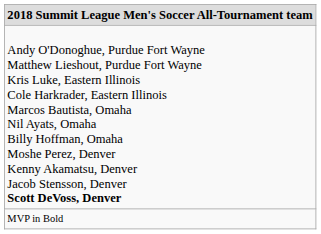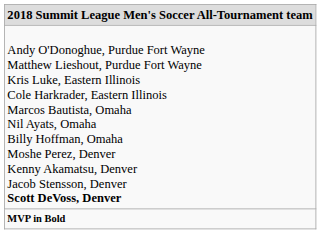 <table class="wikitable" style="white-space:nowrap; font-size:90%;">
 <tr>
 <td colspan="7" style="text-align:center; background:#ddd;"><strong>2018 Summit League Men's Soccer All-Tournament team</strong></td>
 </tr>
 <tr>
 <td><br>Andy O'Donoghue, Purdue Fort Wayne<br> Matthew Lieshout, Purdue Fort Wayne<br> Kris Luke, Eastern Illinois<br> Cole Harkrader, Eastern Illinois<br> Marcos Bautista, Omaha<br> Nil Ayats, Omaha<br> Billy Hoffman, Omaha<br> Moshe Perez, Denver<br> Kenny Akamatsu, Denver<br> Jacob Stensson, Denver<br> <strong>Scott DeVoss, Denver</strong></td>
 </tr>
 <tr>
-<td><small>MVP in Bold</small></td>
+<td><strong><small>MVP in Bold</small></strong></td>
 </tr>
 </table>
